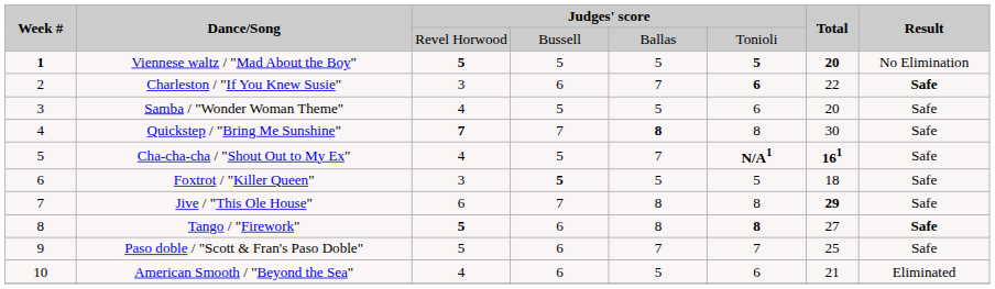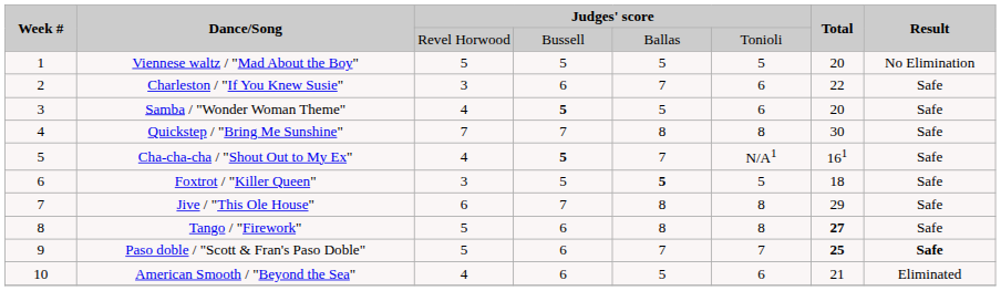 <table class="wikitable sortable" style="float:left;">
 <tr>
 <td rowspan="2" bgcolor="#CCCCCC" align="Center"><strong>Week #</strong></td>
 <td rowspan="2" bgcolor="#CCCCCC" align="Center"><strong>Dance/Song</strong></td>
 <td colspan="4" bgcolor="#CCCCCC" align="Center"><strong>Judges' score</strong></td>
 <td rowspan="2" bgcolor="#CCCCCC" align="Center"><strong>Total</strong></td>
 <td rowspan="2" bgcolor="#CCCCCC" align="Center"><strong>Result</strong></td>
 </tr>
 <tr>
 <td bgcolor="#CCCCCC" width="10%" align="center">Revel Horwood</td>
 <td bgcolor="#CCCCCC" width="10%" align="center">Bussell</td>
 <td bgcolor="#CCCCCC" width="10%" align="center">Ballas</td>
 <td bgcolor="#CCCCCC" width="10%" align="center">Tonioli</td>
 </tr>
 <tr align="center" bgcolor="#FAF6F6">
-<td><strong>1</strong></td>
+<td>1</td>
 <td><a href='#'>Viennese waltz</a> / "<a href='#'>Mad About the Boy</a>"</td>
-<td><strong>5</strong></td>
 <td>5</td>
 <td>5</td>
-<td><strong>5</strong></td>
-<td><strong>20</strong></td>
+<td>5</td>
+<td>5</td>
+<td>20</td>
 <td>No Elimination</td>
 </tr>
 <tr align="center" bgcolor="#FAF6F6">
 <td>2</td>
 <td><a href='#'>Charleston</a> / "<a href='#'>If You Knew Susie</a>"</td>
 <td>3</td>
 <td>6</td>
 <td>7</td>
-<td><strong>6</strong></td>
+<td>6</td>
 <td>22</td>
-<td><strong>Safe</strong></td>
+<td>Safe</td>
 </tr>
 <tr align="center" bgcolor="#FAF6F6">
 <td>3</td>
 <td><a href='#'>Samba</a> / "Wonder Woman Theme"</td>
 <td>4</td>
-<td>5</td>
+<td><strong>5</strong></td>
 <td>5</td>
 <td>6</td>
 <td>20</td>
 <td>Safe</td>
 </tr>
 <tr align="center" bgcolor="#FAF6F6">
 <td>4</td>
 <td><a href='#'>Quickstep</a> / "<a href='#'>Bring Me Sunshine</a>"</td>
-<td><strong>7</strong></td>
 <td>7</td>
-<td><strong>8</strong></td>
+<td>7</td>
+<td>8</td>
 <td>8</td>
 <td>30</td>
 <td>Safe</td>
 </tr>
 <tr align="center" bgcolor="#FAF6F6">
 <td>5</td>
 <td><a href='#'>Cha-cha-cha</a> / "<a href='#'>Shout Out to My Ex</a>"</td>
 <td>4</td>
-<td>5</td>
+<td><strong>5</strong></td>
 <td>7</td>
-<td><strong>N/A<sup>1</sup></strong></td>
-<td><strong>16<sup>1</sup></strong></td>
+<td>N/A<sup>1</sup></td>
+<td>16<sup>1</sup></td>
 <td>Safe</td>
 </tr>
 <tr align="center" bgcolor="#FAF6F6">
 <td>6</td>
 <td><a href='#'>Foxtrot</a> / "<a href='#'>Killer Queen</a>"</td>
 <td>3</td>
+<td>5</td>
 <td><strong>5</strong></td>
-<td>5</td>
 <td>5</td>
 <td>18</td>
 <td>Safe</td>
 </tr>
 <tr align="center" bgcolor="#FAF6F6">
 <td>7</td>
 <td><a href='#'>Jive</a> / "<a href='#'>This Ole House</a>"</td>
 <td>6</td>
 <td>7</td>
 <td>8</td>
 <td>8</td>
-<td><strong>29</strong></td>
+<td>29</td>
 <td>Safe</td>
 </tr>
 <tr align="center" bgcolor="#FAF6F6">
 <td>8</td>
 <td><a href='#'>Tango</a> / "<a href='#'>Firework</a>"</td>
-<td><strong>5</strong></td>
+<td>5</td>
 <td>6</td>
 <td>8</td>
-<td><strong>8</strong></td>
-<td>27</td>
-<td><strong>Safe</strong></td>
+<td>8</td>
+<td><strong>27</strong></td>
+<td>Safe</td>
 </tr>
 <tr align="center" bgcolor="#FAF6F6">
 <td>9</td>
 <td><a href='#'>Paso doble</a> / "Scott & Fran's Paso Doble"</td>
 <td>5</td>
 <td>6</td>
 <td>7</td>
 <td>7</td>
-<td>25</td>
-<td>Safe</td>
+<td><strong>25</strong></td>
+<td><strong>Safe</strong></td>
 </tr>
 <tr align="center" bgcolor="#FAF6F6">
 <td>10</td>
 <td><a href='#'>American Smooth</a> / "<a href='#'>Beyond the Sea</a>"</td>
 <td>4</td>
 <td>6</td>
 <td>5</td>
 <td>6</td>
 <td>21</td>
 <td>Eliminated</td>
 </tr>
 <tr align="center" bgcolor="#FAF6F6">
 </tr>
 </table>
